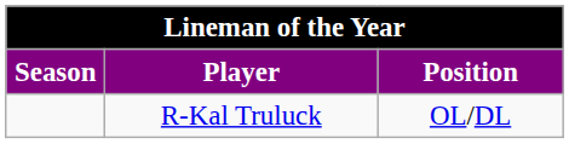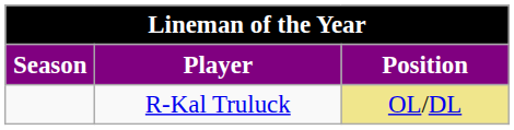 <table class="wikitable sortable" style="text-align:center">
 <tr>
 <td colspan="4" style="background:black; color:white;"><strong>Lineman of the Year</strong></td>
 </tr>
 <tr>
 <th style="width:50px; background:purple; color:white;">Season</th>
 <th style="width:150px; background:purple; color:white;">Player</th>
 <th style="width:100px; background:purple; color:white;">Position</th>
 </tr>
 <tr>
 <td></td>
 <td><a href='#'>R-Kal Truluck</a></td>
-<td><a href='#'>OL</a>/<a href='#'>DL</a></td>
+<td style="background: khaki;"><a href='#'>OL</a>/<a href='#'>DL</a></td>
 </tr>
 </table>
